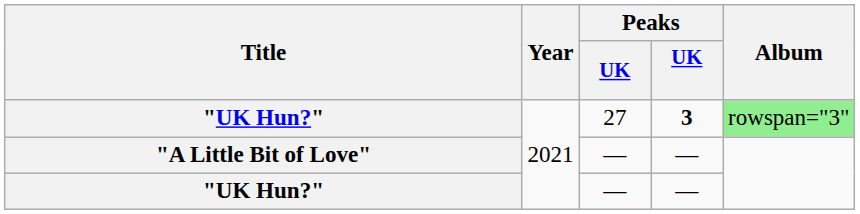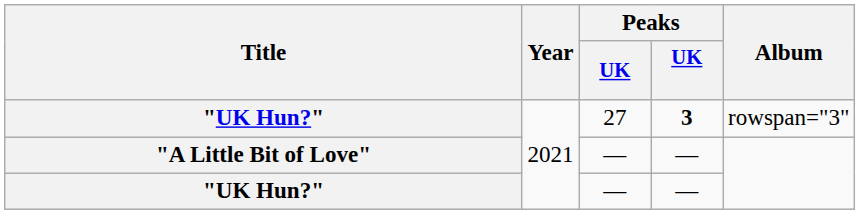 <table class="wikitable plainrowheaders" style="text-align:center;">
 <tr>
 <th scope="col" rowspan="2" style="width:22em;">Title</th>
 <th scope="col" rowspan="2" style="width:1em;">Year</th>
 <th colspan="2" scope="col">Peaks</th>
 <th scope="col" rowspan="2">Album</th>
 </tr>
 <tr>
 <th scope="col" style="width:3em;font-size:90%;"><a href='#'>UK</a><br></th>
 <th scope="col" style="width:3em;font-size:90%;"><a href='#'>UK<br></a><br></th>
 </tr>
 <tr>
 <th scope="row">"<a href='#'>UK Hun?</a>"<br></th>
 <td rowspan="3">2021</td>
 <td>27</td>
 <td><strong>3</strong></td>
-<td style="background: lightgreen;">rowspan="3" </td>
+<td>rowspan="3" </td>
 </tr>
 <tr>
 <th scope="row">"A Little Bit of Love"<br></th>
 <td>—</td>
 <td>—</td>
 </tr>
 <tr>
 <th scope="row">"UK Hun?" <br></th>
 <td>—</td>
 <td>—</td>
 </tr>
 </table>
